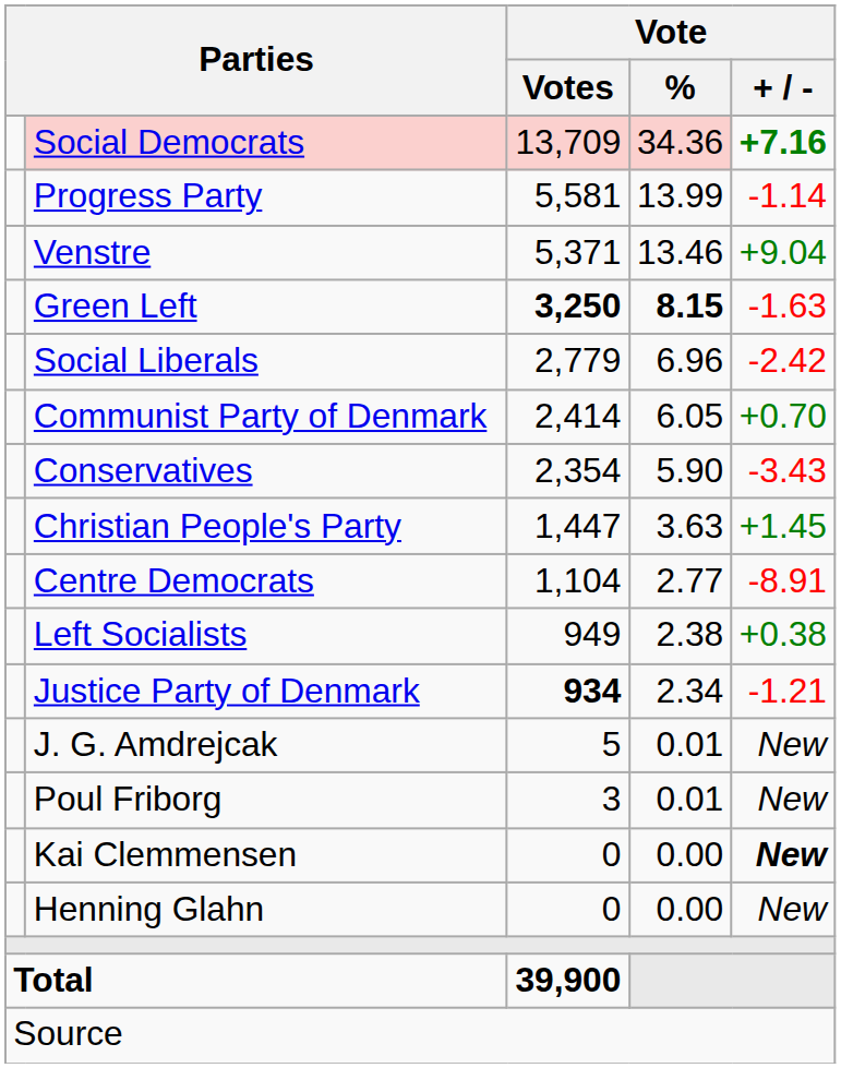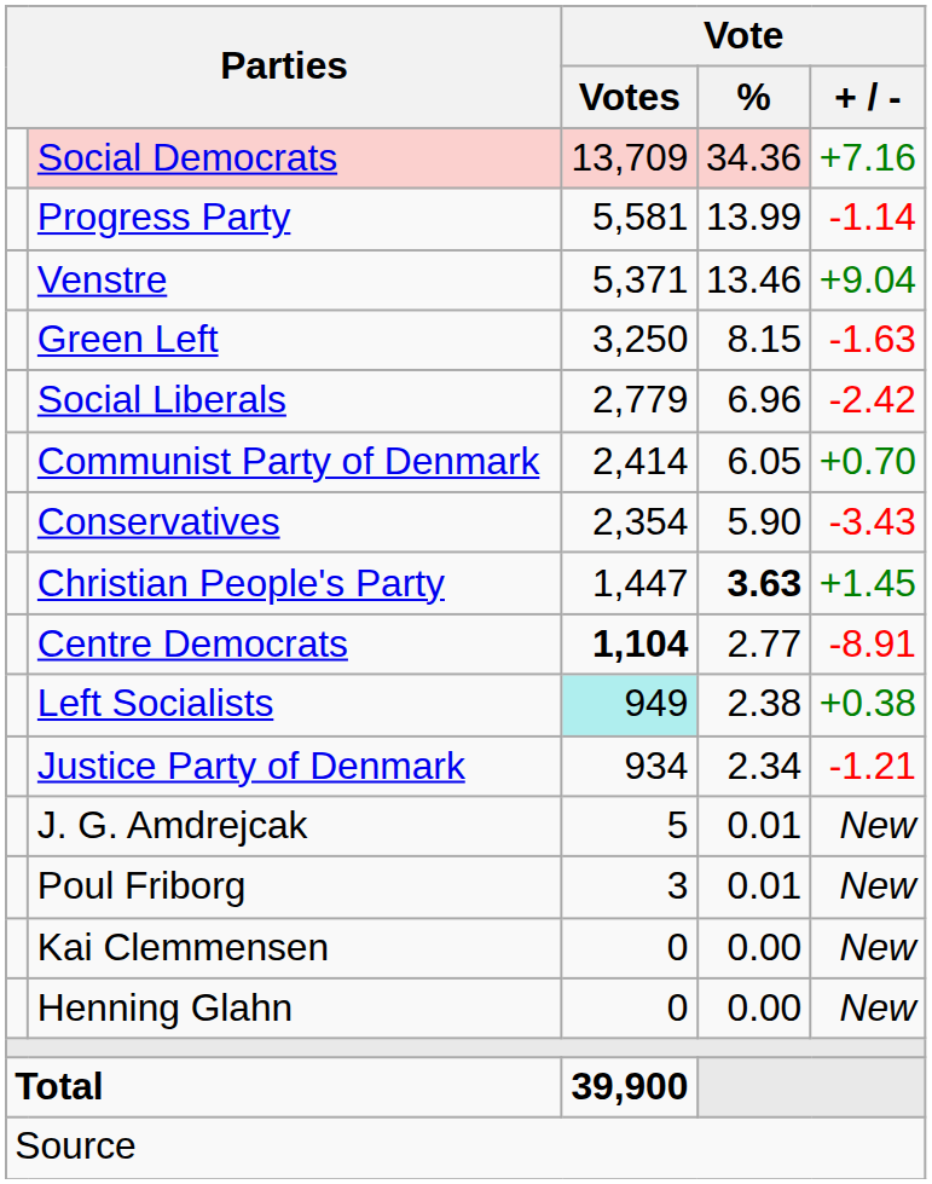 <table class="wikitable" style="text-align:right;">
 <tr>
 <th style="text-align:centre;" rowspan="2" colspan="2" width="225">Parties</th>
 <th colspan="3">Vote</th>
 </tr>
 <tr>
 <th width="15">Votes</th>
 <th width="15">%</th>
 <th width="15">+ / -</th>
 </tr>
 <tr>
 <td width="2" style="color:inherit;background:"></td>
 <td bgcolor=#fbd0ce  align="left"><a href='#'>Social Democrats</a></td>
 <td bgcolor=#fbd0ce>13,709</td>
 <td bgcolor=#fbd0ce>34.36</td>
-<td style=color:green;><strong>+7.16</strong></td>
+<td style=color:green;>+7.16</td>
 </tr>
 <tr>
 <td width="2" style="color:inherit;background:"></td>
 <td align="left"><a href='#'>Progress Party</a></td>
 <td>5,581</td>
 <td>13.99</td>
 <td style=color:red;>-1.14</td>
 </tr>
 <tr>
 <td width="2" style="color:inherit;background:"></td>
 <td align="left"><a href='#'>Venstre</a></td>
 <td>5,371</td>
 <td>13.46</td>
 <td style=color:green;>+9.04</td>
 </tr>
 <tr>
 <td width="2" style="color:inherit;background:"></td>
 <td align="left"><a href='#'>Green Left</a></td>
-<td><strong>3,250</strong></td>
-<td><strong>8.15</strong></td>
+<td>3,250</td>
+<td>8.15</td>
 <td style=color:red;>-1.63</td>
 </tr>
 <tr>
 <td width="2" style="color:inherit;background:"></td>
 <td align="left"><a href='#'>Social Liberals</a></td>
 <td>2,779</td>
 <td>6.96</td>
 <td style=color:red;>-2.42</td>
 </tr>
 <tr>
 <td width="2" style="color:inherit;background:"></td>
 <td align="left"><a href='#'>Communist Party of Denmark</a></td>
 <td>2,414</td>
 <td>6.05</td>
 <td style=color:green;>+0.70</td>
 </tr>
 <tr>
 <td width="2" style="color:inherit;background:"></td>
 <td align="left"><a href='#'>Conservatives</a></td>
 <td>2,354</td>
 <td>5.90</td>
 <td style=color:red;>-3.43</td>
 </tr>
 <tr>
 <td width="2" style="color:inherit;background:"></td>
 <td align="left"><a href='#'>Christian People's Party</a></td>
 <td>1,447</td>
-<td>3.63</td>
+<td><strong>3.63</strong></td>
 <td style=color:green;>+1.45</td>
 </tr>
 <tr>
 <td width="2" style="color:inherit;background:"></td>
 <td align="left"><a href='#'>Centre Democrats</a></td>
-<td>1,104</td>
+<td><strong>1,104</strong></td>
 <td>2.77</td>
 <td style=color:red;>-8.91</td>
 </tr>
 <tr>
 <td width="2" style="color:inherit;background:"></td>
 <td align="left"><a href='#'>Left Socialists</a></td>
-<td>949</td>
+<td style="background: paleturquoise;">949</td>
 <td>2.38</td>
 <td style=color:green;>+0.38</td>
 </tr>
 <tr>
 <td width="2" style="color:inherit;background:"></td>
 <td align="left"><a href='#'>Justice Party of Denmark</a></td>
-<td><strong>934</strong></td>
+<td>934</td>
 <td>2.34</td>
 <td style=color:red;>-1.21</td>
 </tr>
 <tr>
 <td width="2" style="color:inherit;background:"></td>
 <td align="left">J. G. Amdrejcak</td>
 <td>5</td>
 <td>0.01</td>
 <td><em>New</em></td>
 </tr>
 <tr>
 <td width="2" style="color:inherit;background:"></td>
 <td align="left">Poul Friborg</td>
 <td>3</td>
 <td>0.01</td>
 <td><em>New</em></td>
 </tr>
 <tr>
 <td width="2" style="color:inherit;background:"></td>
 <td align="left">Kai Clemmensen</td>
 <td>0</td>
 <td>0.00</td>
-<td><strong><em>New</em></strong></td>
+<td><em>New</em></td>
 </tr>
 <tr>
 <td width="2" style="color:inherit;background:"></td>
 <td align="left">Henning Glahn</td>
 <td>0</td>
 <td>0.00</td>
 <td><em>New</em></td>
 </tr>
 <tr>
 <td colspan="7" bgcolor="#E9E9E9"></td>
 </tr>
 <tr>
 <td align="left" colspan="2"><strong>Total</strong></td>
 <td><strong>39,900</strong></td>
 <td bgcolor="#E9E9E9" colspan="2"></td>
 </tr>
 <tr>
 <td align="left" colspan="6">Source</td>
 </tr>
 </table>
